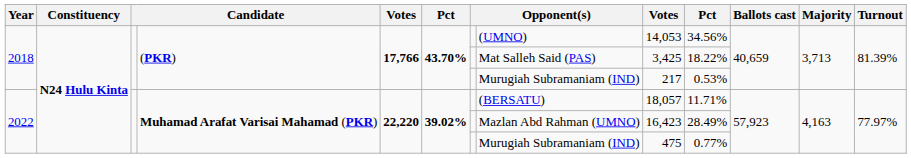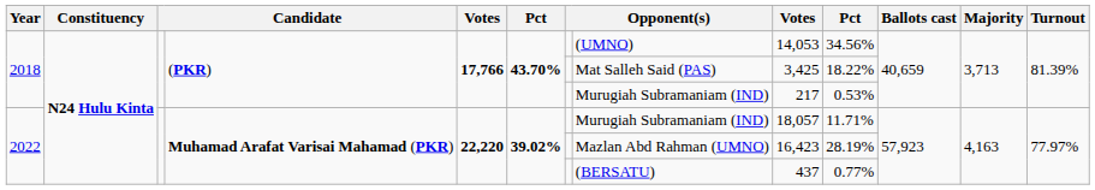 <table class="wikitable" style="margin:0.5em ; font-size:95%">
 <tr>
 <th>Year</th>
 <th>Constituency</th>
 <th colspan=2>Candidate</th>
 <th>Votes</th>
 <th>Pct</th>
 <th colspan=2>Opponent(s)</th>
 <th>Votes</th>
 <th>Pct</th>
 <th>Ballots cast</th>
 <th>Majority</th>
 <th>Turnout</th>
 </tr>
 <tr>
 <td rowspan=3><a href='#'>2018</a></td>
 <td rowspan=6><strong>N24 <a href='#'>Hulu Kinta</a></strong></td>
 <td rowspan=3 ></td>
 <td rowspan=3> (<a href='#'><strong>PKR</strong></a>)</td>
 <td rowspan=3 style="text-align:right;"><strong>17,766</strong></td>
 <td rowspan=3><strong>43.70%</strong></td>
 <td></td>
 <td> (<a href='#'>UMNO</a>)</td>
 <td style="text-align:right;">14,053</td>
 <td>34.56%</td>
 <td rowspan="3">40,659</td>
 <td rowspan="3">3,713</td>
 <td rowspan="3">81.39%</td>
 </tr>
 <tr>
 <td></td>
 <td>Mat Salleh Said (<a href='#'>PAS</a>)</td>
 <td style="text-align:right;">3,425</td>
 <td>18.22%</td>
 </tr>
 <tr>
 <td></td>
 <td>Murugiah Subramaniam (<a href='#'>IND</a>)</td>
 <td style="text-align:right;">217</td>
 <td style="text-align:right;">0.53%</td>
 </tr>
 <tr>
 <td rowspan=3><a href='#'>2022</a></td>
 <td rowspan=3 ></td>
 <td rowspan=3><strong>Muhamad Arafat Varisai Mahamad</strong> (<a href='#'><strong>PKR</strong></a>)</td>
 <td rowspan=3 style="text-align:right;"><strong>22,220</strong></td>
 <td rowspan=3><strong>39.02%</strong></td>
 <td bgcolor=></td>
-<td> (<a href='#'>BERSATU</a>)</td>
+<td>Murugiah Subramaniam (<a href='#'>IND</a>)</td>
 <td style="text-align:right;">18,057</td>
 <td>11.71%</td>
 <td rowspan=3>57,923</td>
 <td rowspan=3>4,163</td>
 <td rowspan=3>77.97%</td>
 </tr>
 <tr>
 <td></td>
 <td>Mazlan Abd Rahman (<a href='#'>UMNO</a>)</td>
 <td style="text-align:right;">16,423</td>
-<td>28.49%</td>
+<td>28.19%</td>
 </tr>
 <tr>
 <td></td>
-<td>Murugiah Subramaniam (<a href='#'>IND</a>)</td>
-<td style="text-align:right;">475</td>
+<td> (<a href='#'>BERSATU</a>)</td>
+<td style="text-align:right;">437</td>
 <td style="text-align:right;">0.77%</td>
 </tr>
 </table>
